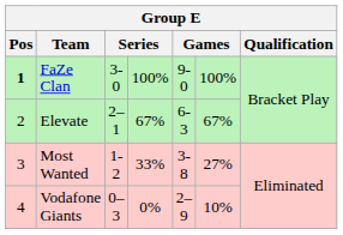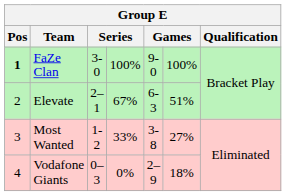 <table class="wikitable" style="display: inline-table;width: 46%;">
 <tr>
 <th colspan="7">Group E</th>
 </tr>
 <tr>
 <th>Pos</th>
 <th>Team</th>
 <th colspan="2">Series</th>
 <th colspan="2">Games</th>
 <th>Qualification</th>
 </tr>
 <tr>
 <td style="text-align:center; background:#BBF3BB;"><strong>1</strong></td>
 <td style="text-align:left; background:#BBF3BB;"><a href='#'>FaZe Clan</a></td>
 <td style="text-align:center; background:#BBF3BB;">3-0</td>
 <td style="text-align:center; background:#BBF3BB;">100%</td>
 <td style="text-align:center; background:#BBF3BB;">9-0</td>
 <td style="text-align:center; background:#BBF3BB;">100%</td>
 <td style="text-align:center; background:#BBF3BB;" rowspan="2">Bracket Play</td>
 </tr>
 <tr>
 <td style="text-align:center; background:#BBF3BB;">2</td>
 <td style="text-align:left; background:#BBF3BB;">Elevate</td>
 <td style="text-align:center; background:#BBF3BB;">2–1</td>
 <td style="text-align:center; background:#BBF3BB;">67%</td>
 <td style="text-align:center; background:#BBF3BB;">6-3</td>
-<td style="text-align:center; background:#BBF3BB;">67%</td>
+<td style="text-align:center; background:#BBF3BB;">51%</td>
 </tr>
 <tr>
 <td style="text-align:center; background:#FFCCCC;">3</td>
 <td style="text-align:left; background:#FFCCCC;">Most Wanted</td>
 <td style="text-align:center; background:#FFCCCC;">1-2</td>
 <td style="text-align:center; background:#FFCCCC;">33%</td>
 <td style="text-align:center; background:#FFCCCC;">3-8</td>
 <td style="text-align:center; background:#FFCCCC;">27%</td>
 <td style="text-align:center; background:#FFCCCC;" rowspan="2">Eliminated</td>
 </tr>
 <tr>
 <td style="text-align:center; background:#FFCCCC;">4</td>
 <td style="text-align:left; background:#FFCCCC;">Vodafone Giants</td>
 <td style="text-align:center; background:#FFCCCC;">0–3</td>
 <td style="text-align:center; background:#FFCCCC;">0%</td>
 <td style="text-align:center; background:#FFCCCC;">2–9</td>
-<td style="text-align:center; background:#FFCCCC;">10%</td>
+<td style="text-align:center; background:#FFCCCC;">18%</td>
 </tr>
 </table>
